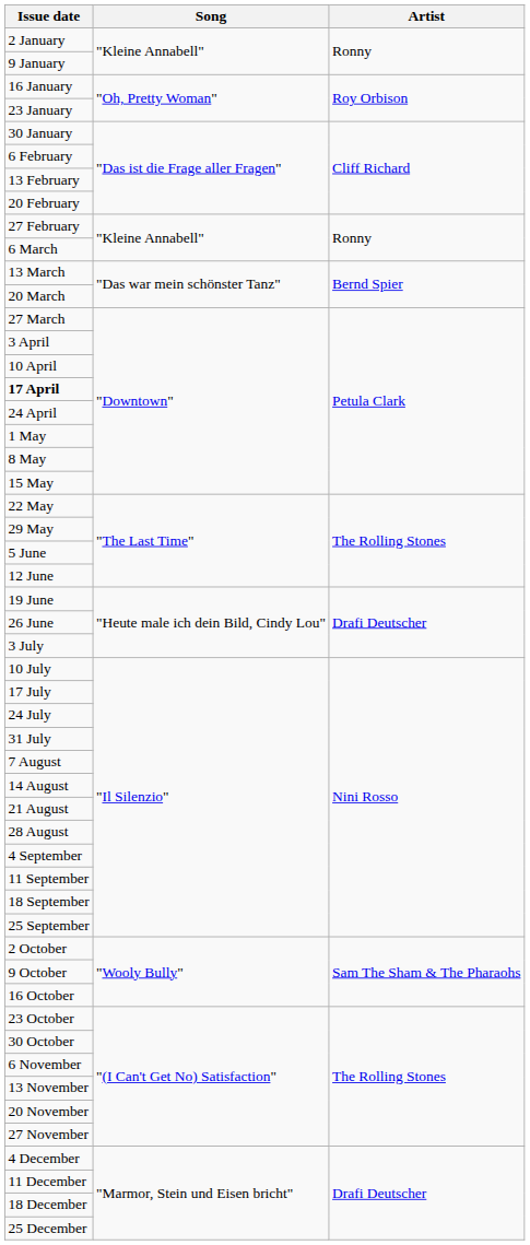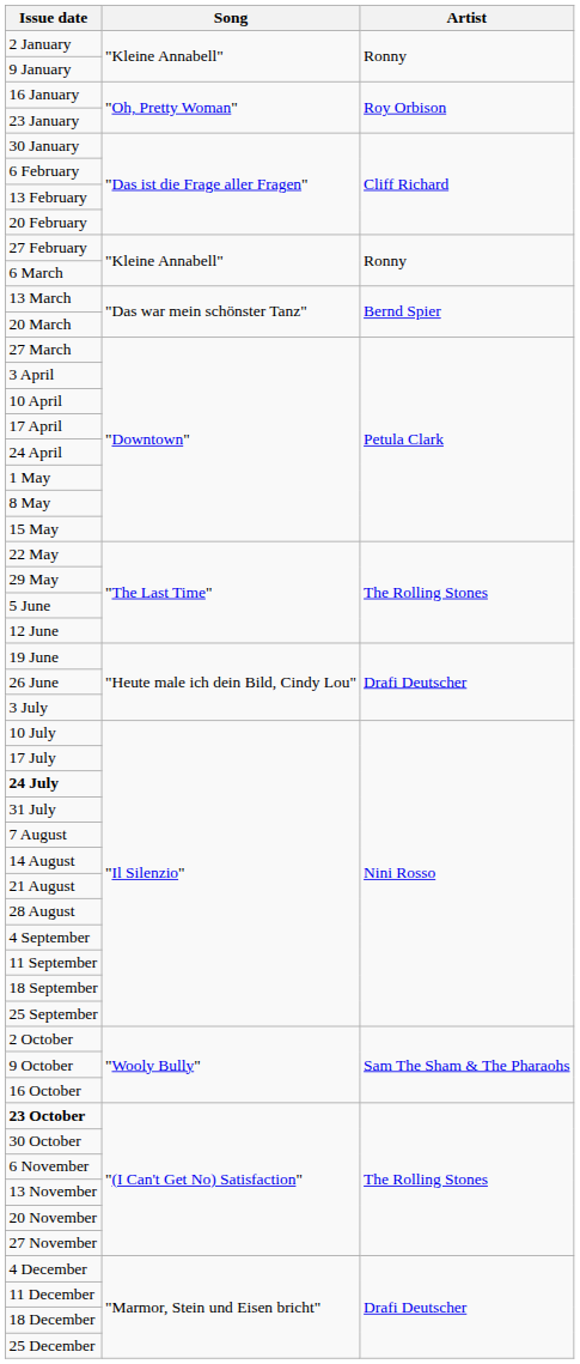 <table class="sortable wikitable">
 <tr>
 <th>Issue date</th>
 <th>Song</th>
 <th>Artist</th>
 </tr>
 <tr>
 <td>2 January</td>
 <td rowspan="2">"Kleine Annabell"</td>
 <td rowspan="2">Ronny</td>
 </tr>
 <tr>
 <td>9 January</td>
 </tr>
 <tr>
 <td>16 January</td>
 <td rowspan="2">"<a href='#'>Oh, Pretty Woman</a>"</td>
 <td rowspan="2"><a href='#'>Roy Orbison</a></td>
 </tr>
 <tr>
 <td>23 January</td>
 </tr>
 <tr>
 <td>30 January</td>
 <td rowspan="4">"<a href='#'>Das ist die Frage aller Fragen</a>"</td>
 <td rowspan="4"><a href='#'>Cliff Richard</a></td>
 </tr>
 <tr>
 <td>6 February</td>
 </tr>
 <tr>
 <td>13 February</td>
 </tr>
 <tr>
 <td>20 February</td>
 </tr>
 <tr>
 <td>27 February</td>
 <td rowspan="2">"Kleine Annabell"</td>
 <td rowspan="2">Ronny</td>
 </tr>
 <tr>
 <td>6 March</td>
 </tr>
 <tr>
 <td>13 March</td>
 <td rowspan="2">"Das war mein schönster Tanz"</td>
 <td rowspan="2"><a href='#'>Bernd Spier</a></td>
 </tr>
 <tr>
 <td>20 March</td>
 </tr>
 <tr>
 <td>27 March</td>
 <td rowspan="8">"<a href='#'>Downtown</a>"</td>
 <td rowspan="8"><a href='#'>Petula Clark</a></td>
 </tr>
 <tr>
 <td>3 April</td>
 </tr>
 <tr>
 <td>10 April</td>
 </tr>
 <tr>
-<td><strong>17 April</strong></td>
+<td>17 April</td>
 </tr>
 <tr>
 <td>24 April</td>
 </tr>
 <tr>
 <td>1 May</td>
 </tr>
 <tr>
 <td>8 May</td>
 </tr>
 <tr>
 <td>15 May</td>
 </tr>
 <tr>
 <td>22 May</td>
 <td rowspan="4">"<a href='#'>The Last Time</a>"</td>
 <td rowspan="4"><a href='#'>The Rolling Stones</a></td>
 </tr>
 <tr>
 <td>29 May</td>
 </tr>
 <tr>
 <td>5 June</td>
 </tr>
 <tr>
 <td>12 June</td>
 </tr>
 <tr>
 <td>19 June</td>
 <td rowspan="3">"Heute male ich dein Bild, Cindy Lou"</td>
 <td rowspan="3"><a href='#'>Drafi Deutscher</a></td>
 </tr>
 <tr>
 <td>26 June</td>
 </tr>
 <tr>
 <td>3 July</td>
 </tr>
 <tr>
 <td>10 July</td>
 <td rowspan="12">"<a href='#'>Il Silenzio</a>"</td>
 <td rowspan="12"><a href='#'>Nini Rosso</a></td>
 </tr>
 <tr>
 <td>17 July</td>
 </tr>
 <tr>
-<td>24 July</td>
+<td><strong>24 July</strong></td>
 </tr>
 <tr>
 <td>31 July</td>
 </tr>
 <tr>
 <td>7 August</td>
 </tr>
 <tr>
 <td>14 August</td>
 </tr>
 <tr>
 <td>21 August</td>
 </tr>
 <tr>
 <td>28 August</td>
 </tr>
 <tr>
 <td>4 September</td>
 </tr>
 <tr>
 <td>11 September</td>
 </tr>
 <tr>
 <td>18 September</td>
 </tr>
 <tr>
 <td>25 September</td>
 </tr>
 <tr>
 <td>2 October</td>
 <td rowspan="3">"<a href='#'>Wooly Bully</a>"</td>
 <td rowspan="3"><a href='#'>Sam The Sham & The Pharaohs</a></td>
 </tr>
 <tr>
 <td>9 October</td>
 </tr>
 <tr>
 <td>16 October</td>
 </tr>
 <tr>
-<td>23 October</td>
+<td><strong>23 October</strong></td>
 <td rowspan="6">"<a href='#'>(I Can't Get No) Satisfaction</a>"</td>
 <td rowspan="6"><a href='#'>The Rolling Stones</a></td>
 </tr>
 <tr>
 <td>30 October</td>
 </tr>
 <tr>
 <td>6 November</td>
 </tr>
 <tr>
 <td>13 November</td>
 </tr>
 <tr>
 <td>20 November</td>
 </tr>
 <tr>
 <td>27 November</td>
 </tr>
 <tr>
 <td>4 December</td>
 <td rowspan="4">"Marmor, Stein und Eisen bricht"</td>
 <td rowspan="4"><a href='#'>Drafi Deutscher</a></td>
 </tr>
 <tr>
 <td>11 December</td>
 </tr>
 <tr>
 <td>18 December</td>
 </tr>
 <tr>
 <td>25 December</td>
 </tr>
 </table>
